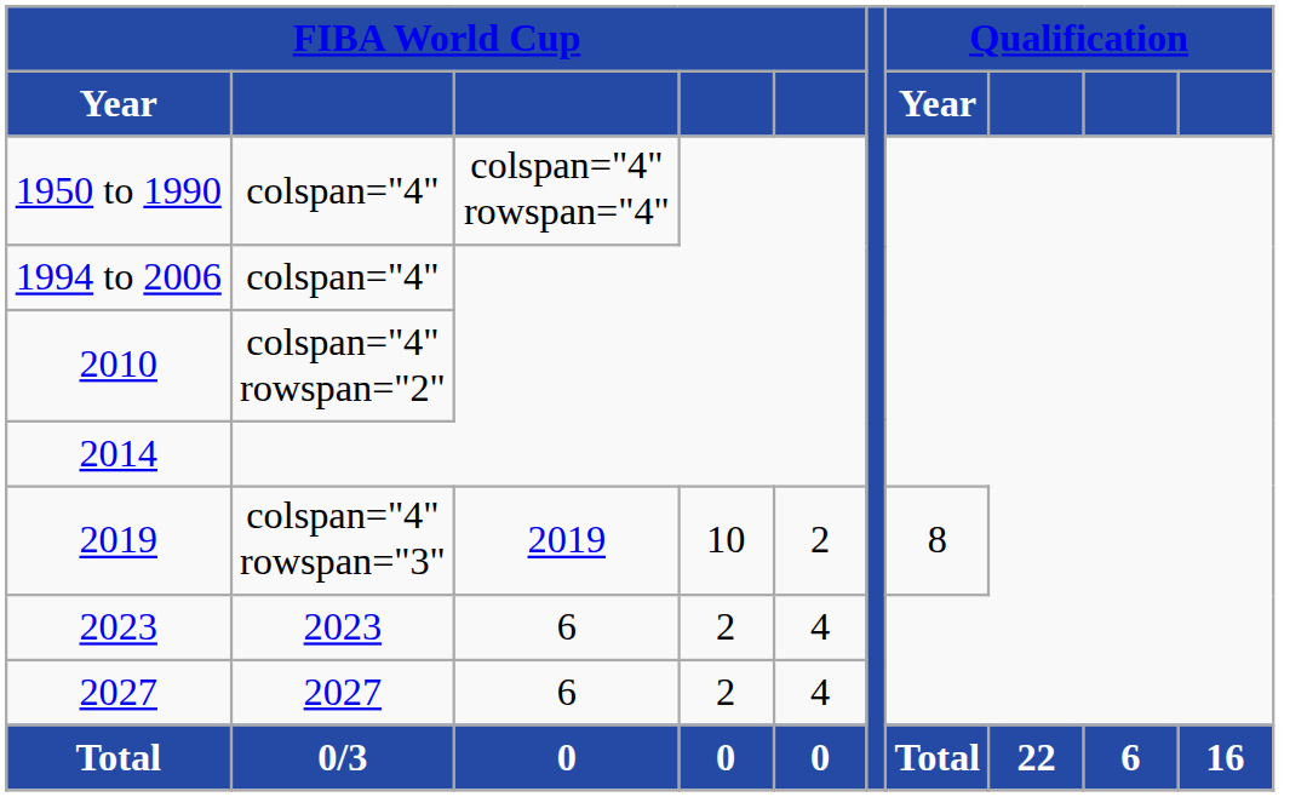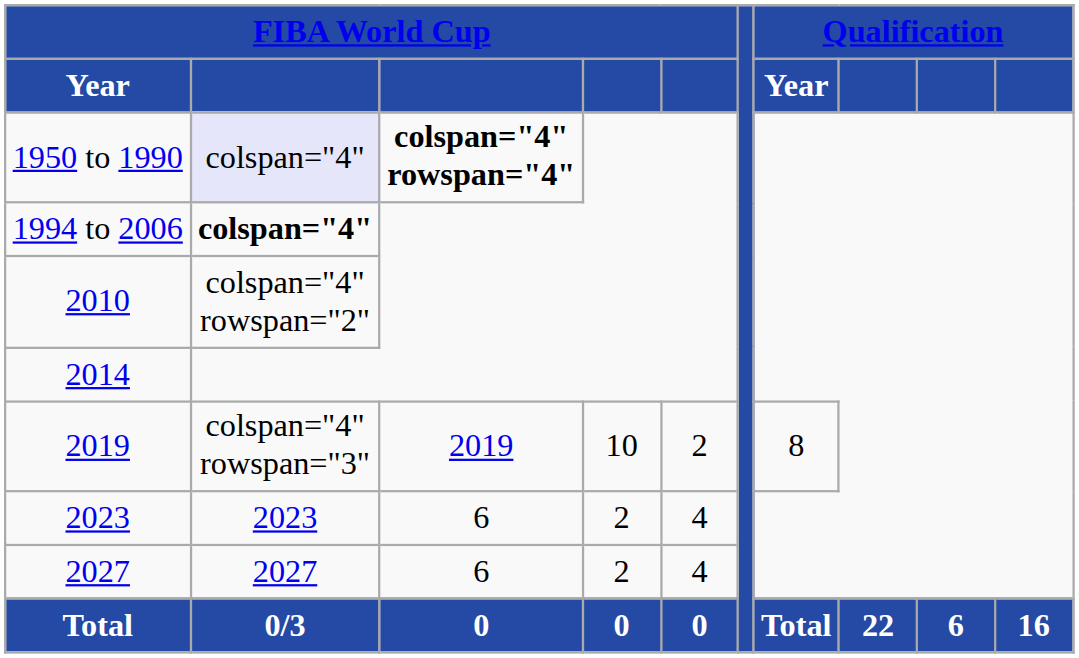 <table class="wikitable" style="text-align: center;font-size:90%;">
 <tr>
 <th colspan="5" style="background:#244AA5;color:white;"><a href='#'><span>FIBA World Cup</span></a></th>
 <th rowspan="10" style="background:#244AA5"></th>
 <th colspan="4" style="background:#244AA5;color:white;"><a href='#'><span>Qualification</span></a></th>
 </tr>
 <tr>
 <th style="background:#244AA5;color:white;">Year</th>
 <th width="28" style="background:#244AA5;color:white;"></th>
 <th width="28" style="background:#244AA5;color:white;"></th>
 <th width="28" style="background:#244AA5;color:white;"></th>
 <th width="28" style="background:#244AA5;color:white;"></th>
 <th style="background:#244AA5;color:white;">Year</th>
 <th width="28" style="background:#244AA5;color:white;"></th>
 <th width="28" style="background:#244AA5;color:white;"></th>
 <th width="28" style="background:#244AA5;color:white;"></th>
 </tr>
 <tr>
 <td> <a href='#'>1950</a> to  <a href='#'>1990</a></td>
-<td>colspan="4" </td>
-<td>colspan="4" rowspan="4" </td>
+<td style="background: lavender;">colspan="4" </td>
+<td><strong>colspan="4" rowspan="4" </strong></td>
 </tr>
 <tr>
 <td> <a href='#'>1994</a> to  <a href='#'>2006</a></td>
-<td>colspan="4" </td>
+<td><strong>colspan="4" </strong></td>
 </tr>
 <tr>
 <td> <a href='#'>2010</a></td>
 <td>colspan="4" rowspan="2" </td>
 </tr>
 <tr>
 <td> <a href='#'>2014</a></td>
 </tr>
 <tr>
 <td> <a href='#'>2019</a></td>
 <td>colspan="4" rowspan="3" </td>
 <td><a href='#'>2019</a></td>
 <td>10</td>
 <td>2</td>
 <td>8</td>
 </tr>
 <tr>
 <td> <a href='#'>2023</a></td>
 <td><a href='#'>2023</a></td>
 <td>6</td>
 <td>2</td>
 <td>4</td>
 </tr>
 <tr>
 <td> <a href='#'>2027</a></td>
 <td><a href='#'>2027</a></td>
 <td>6</td>
 <td>2</td>
 <td>4</td>
 </tr>
 <tr>
 <th style="background:#244AA5;color:white;">Total</th>
 <th style="background:#244AA5;color:white;">0/3</th>
 <th style="background:#244AA5;color:white;">0</th>
 <th style="background:#244AA5;color:white;">0</th>
 <th style="background:#244AA5;color:white;">0</th>
 <th style="background:#244AA5;color:white;">Total</th>
 <th style="background:#244AA5;color:white;">22</th>
 <th style="background:#244AA5;color:white;">6</th>
 <th style="background:#244AA5;color:white;">16</th>
 </tr>
 </table>
